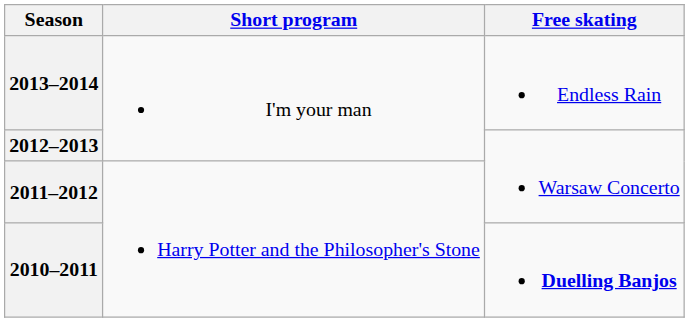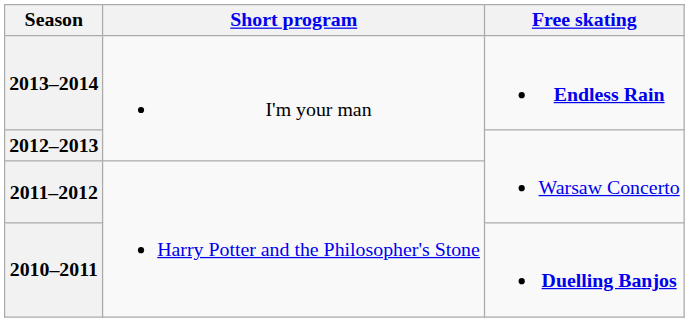 <table class=wikitable style=text-align:center>
 <tr>
 <th>Season</th>
 <th><a href='#'>Short program</a></th>
 <th><a href='#'>Free skating</a></th>
 </tr>
 <tr>
 <th>2013–2014</th>
 <td rowspan=2><br><ul><li>I'm your man <br></li></ul></td>
-<td><br><ul><li><a href='#'>Endless Rain</a> <br></li></ul></td>
+<td><strong><br><ul><li><a href='#'>Endless Rain</a> <br></li></ul></strong></td>
 </tr>
 <tr>
 <th>2012–2013</th>
 <td rowspan=2><br><ul><li><a href='#'>Warsaw Concerto</a> <br></li></ul></td>
 </tr>
 <tr>
 <th>2011–2012</th>
 <td rowspan=2><br><ul><li><a href='#'>Harry Potter and the Philosopher's Stone</a> <br></li></ul></td>
 </tr>
 <tr>
 <th>2010–2011</th>
 <td><strong><br><ul><li><a href='#'>Duelling Banjos</a> <br></li></ul></strong></td>
 </tr>
 </table>
